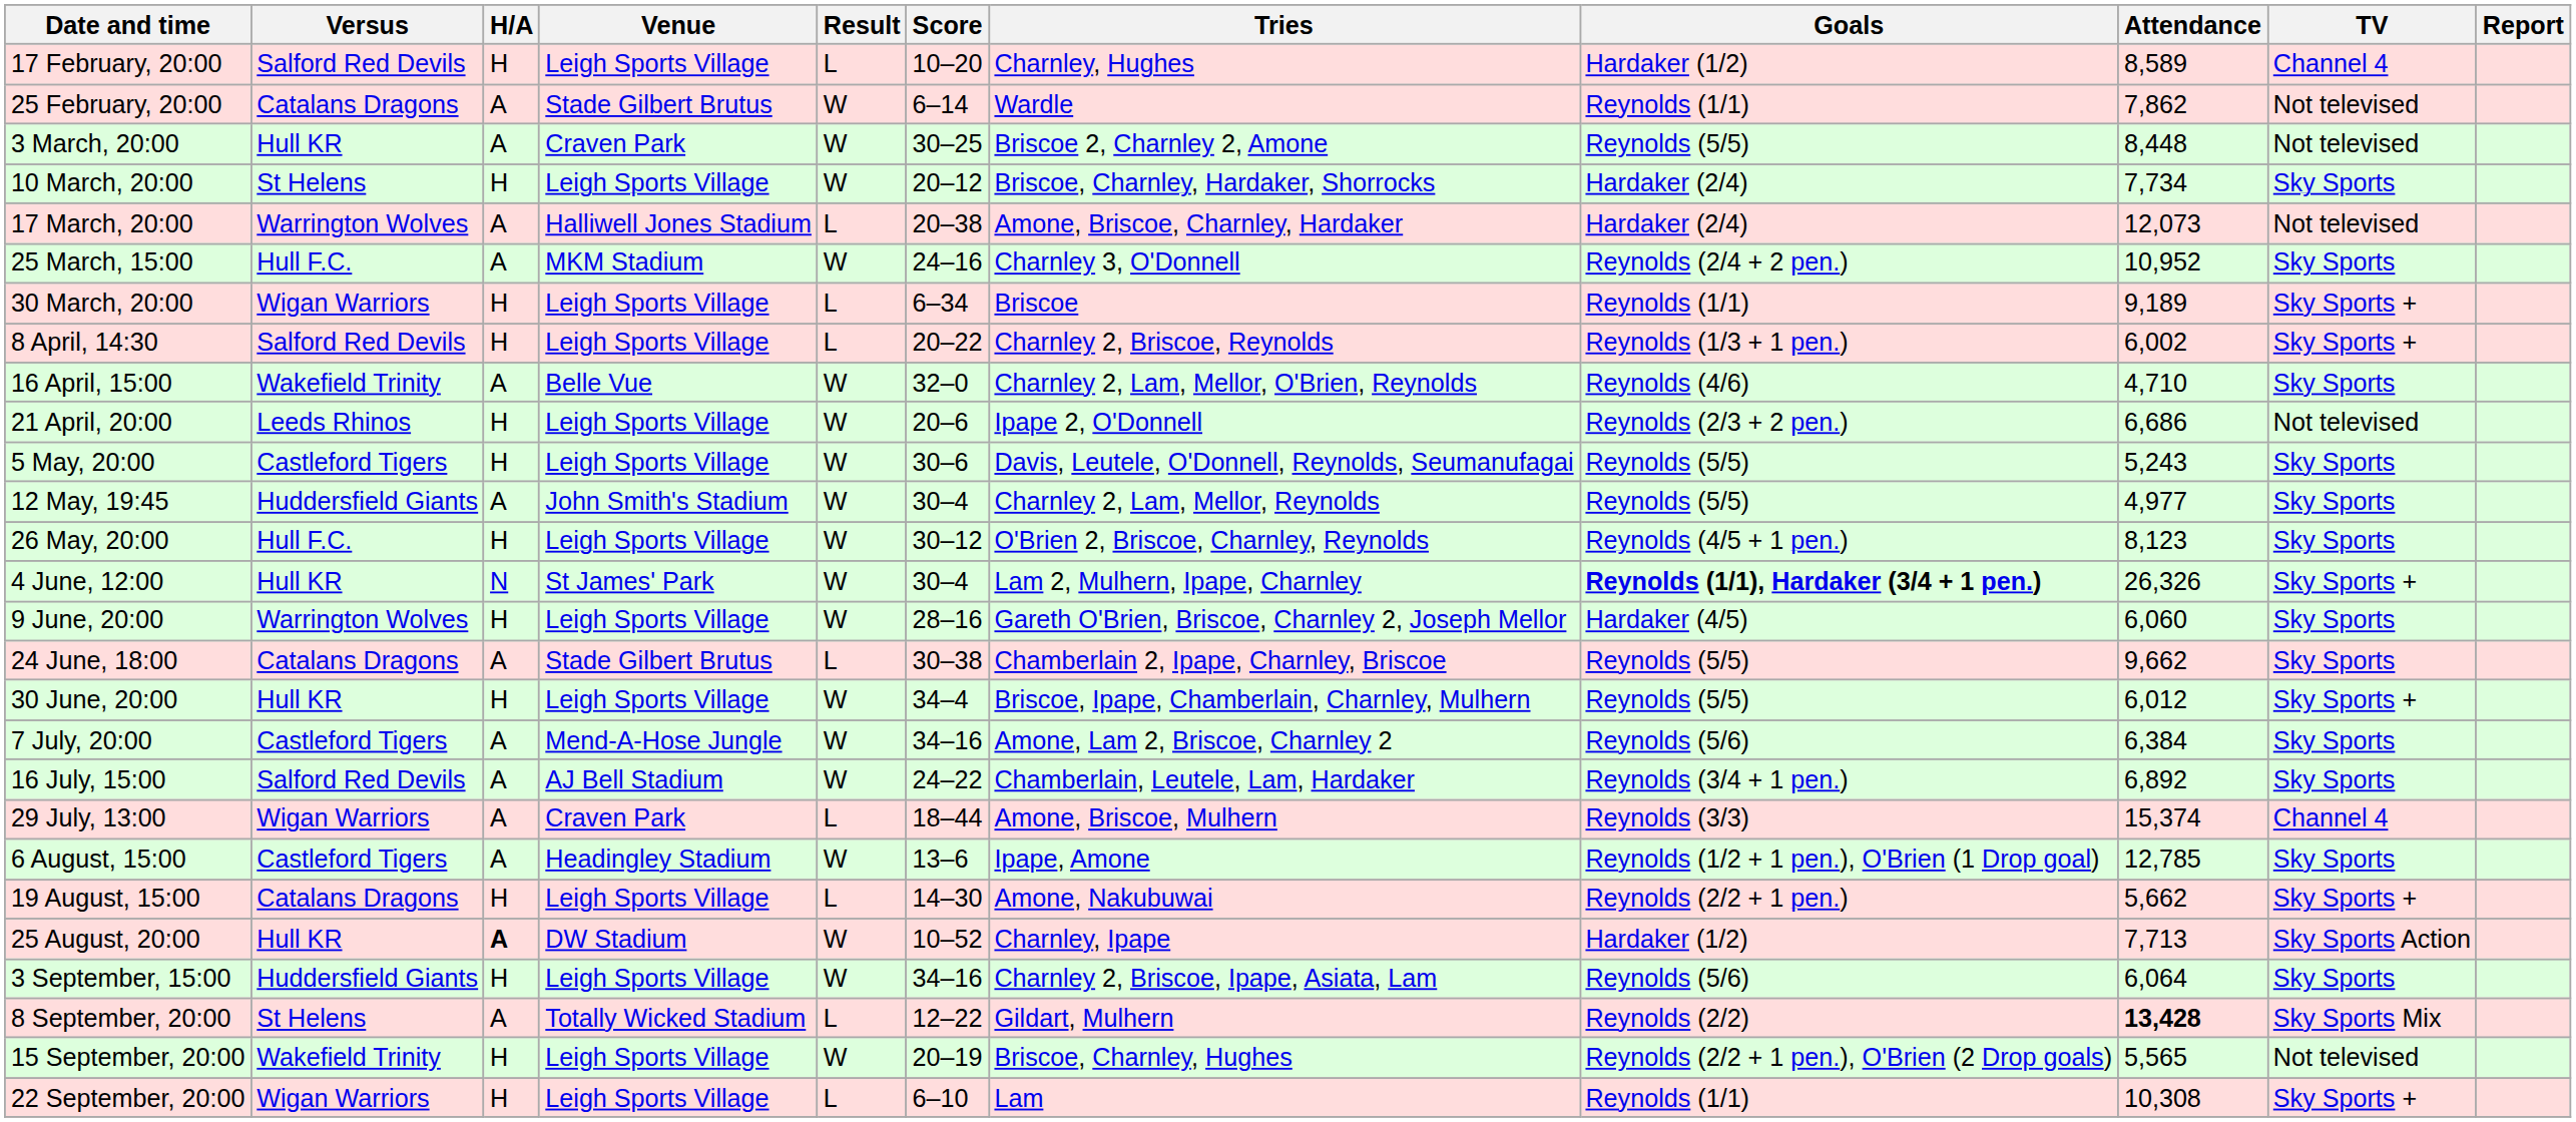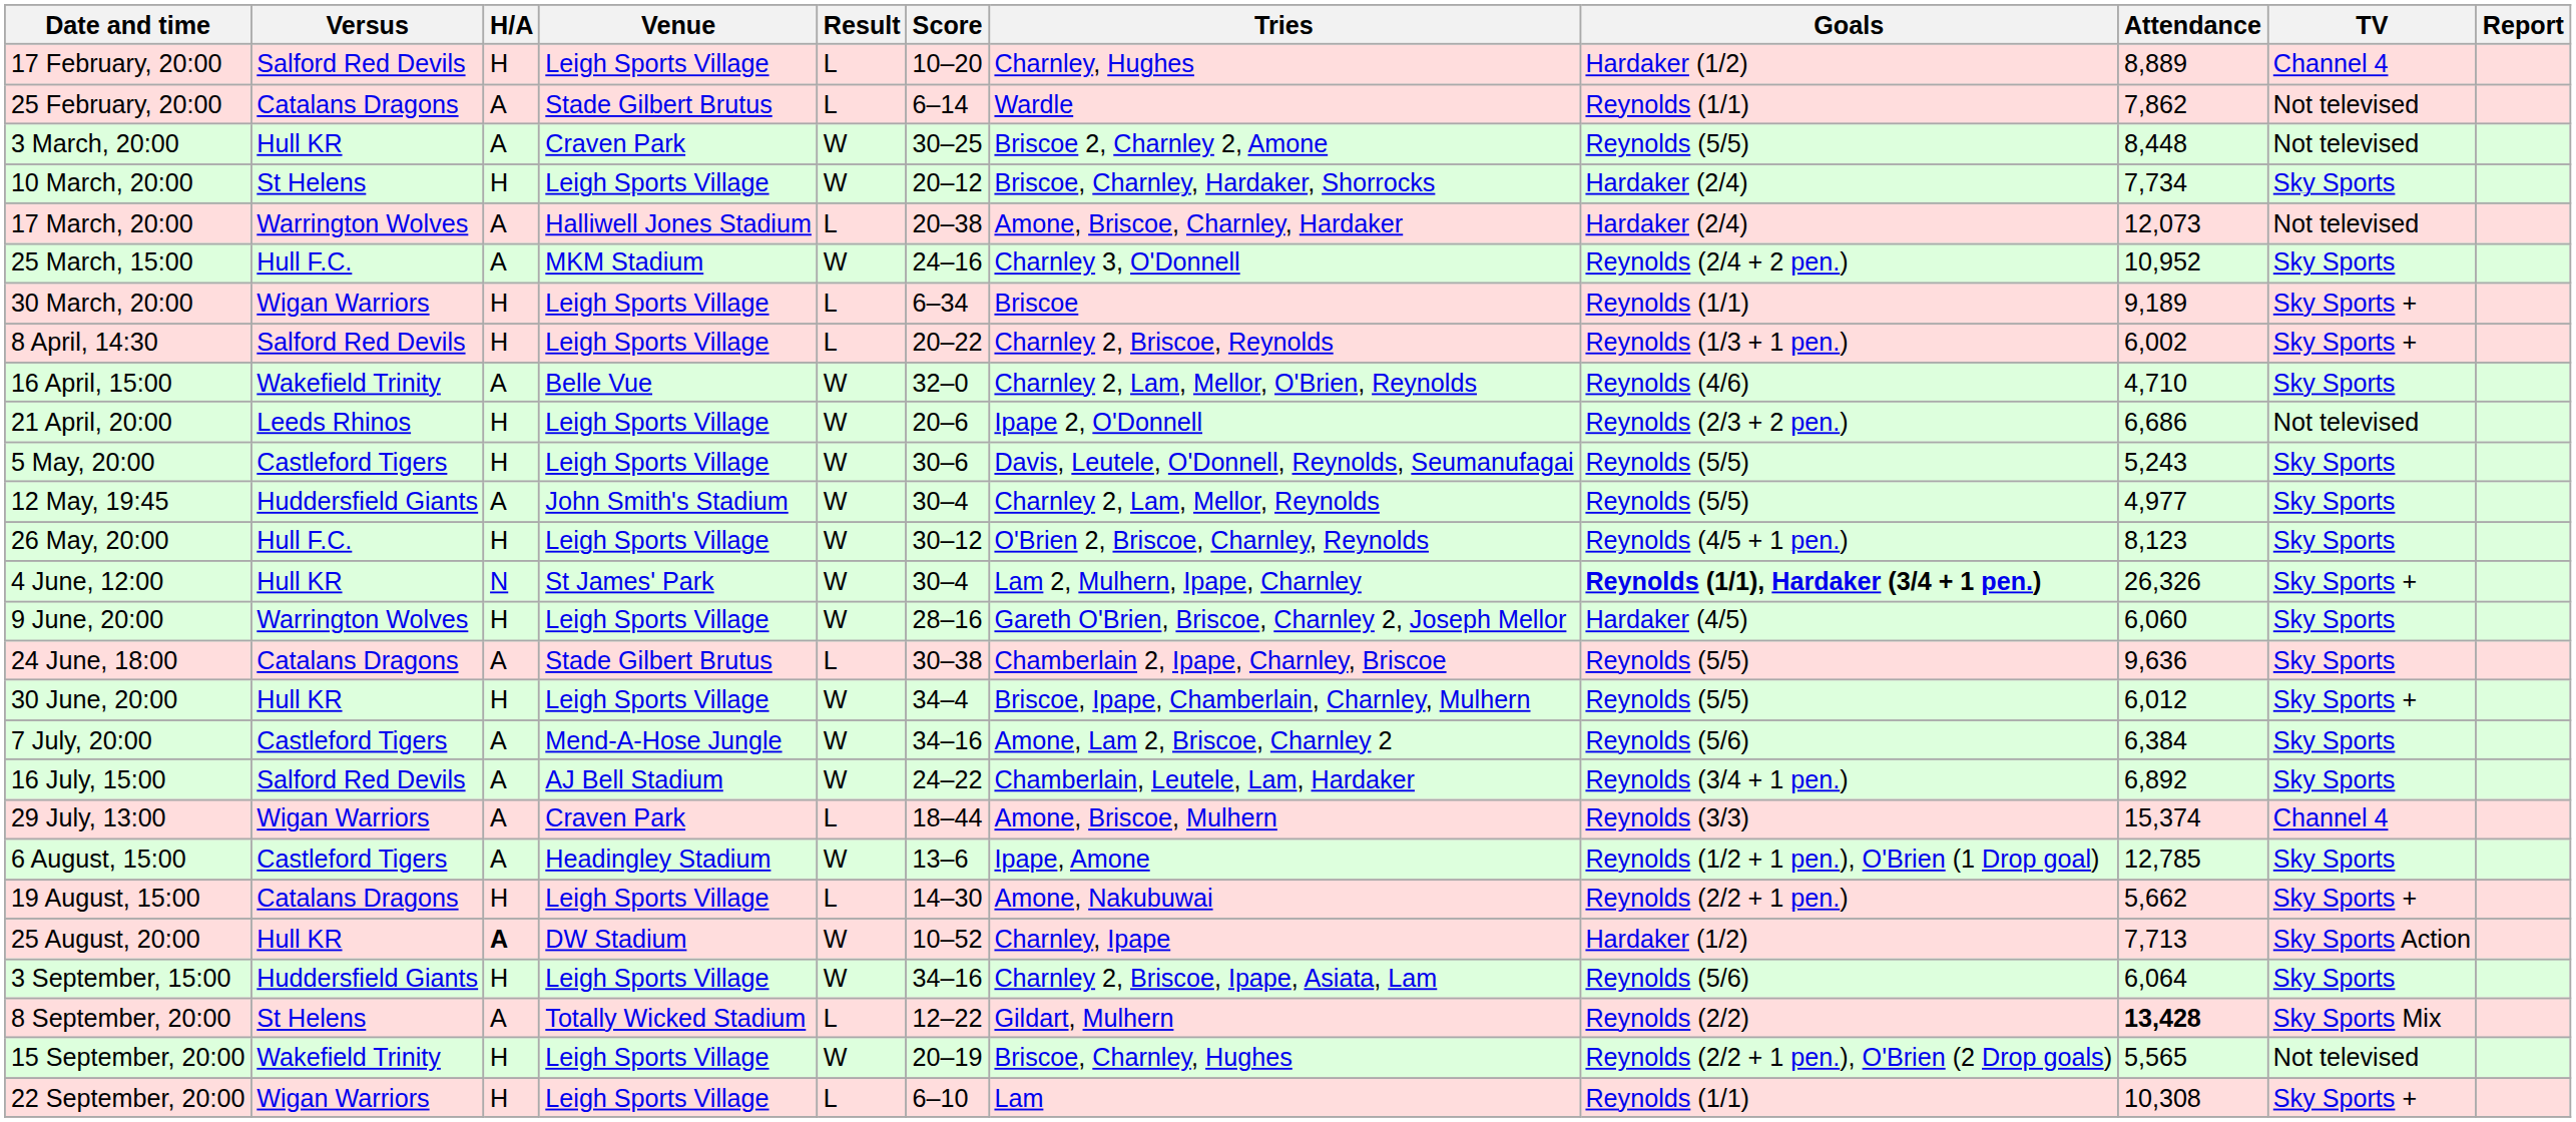 <table class="wikitable" style="font-size:85%;">
 <tr>
 <th>Date and time</th>
 <th>Versus</th>
 <th>H/A</th>
 <th>Venue</th>
 <th>Result</th>
 <th>Score</th>
 <th>Tries</th>
 <th>Goals</th>
 <th>Attendance</th>
 <th>TV</th>
 <th>Report</th>
 </tr>
 <tr style="background:#ffdddd;">
 <td>17 February, 20:00</td>
 <td> <a href='#'>Salford Red Devils</a></td>
 <td>H</td>
 <td><a href='#'>Leigh Sports Village</a></td>
 <td>L</td>
 <td>10–20</td>
 <td><a href='#'>Charnley</a>, <a href='#'>Hughes</a></td>
 <td><a href='#'>Hardaker</a> (1/2)</td>
-<td>8,589</td>
+<td>8,889</td>
 <td><a href='#'>Channel 4</a></td>
 <td></td>
 </tr>
 <tr style="background:#ffdddd;">
 <td>25 February, 20:00</td>
 <td> <a href='#'>Catalans Dragons</a></td>
 <td>A</td>
 <td><a href='#'>Stade Gilbert Brutus</a></td>
-<td>W</td>
+<td>L</td>
 <td>6–14</td>
 <td><a href='#'>Wardle</a></td>
 <td><a href='#'>Reynolds</a> (1/1)</td>
 <td>7,862</td>
 <td>Not televised</td>
 <td></td>
 </tr>
 <tr style="background:#ddffdd;">
 <td>3 March, 20:00</td>
 <td> <a href='#'>Hull KR</a></td>
 <td>A</td>
 <td><a href='#'>Craven Park</a></td>
 <td>W</td>
 <td>30–25</td>
 <td><a href='#'>Briscoe</a> 2, <a href='#'>Charnley</a> 2, <a href='#'>Amone</a></td>
 <td><a href='#'>Reynolds</a> (5/5)</td>
 <td>8,448</td>
 <td>Not televised</td>
 <td></td>
 </tr>
 <tr style="background:#ddffdd;">
 <td>10 March, 20:00</td>
 <td> <a href='#'>St Helens</a></td>
 <td>H</td>
 <td><a href='#'>Leigh Sports Village</a></td>
 <td>W</td>
 <td>20–12</td>
 <td><a href='#'>Briscoe</a>, <a href='#'>Charnley</a>, <a href='#'>Hardaker</a>, <a href='#'>Shorrocks</a></td>
 <td><a href='#'>Hardaker</a> (2/4)</td>
 <td>7,734</td>
 <td><a href='#'>Sky Sports</a></td>
 <td></td>
 </tr>
 <tr style="background:#ffdddd;">
 <td>17 March, 20:00</td>
 <td> <a href='#'>Warrington Wolves</a></td>
 <td>A</td>
 <td><a href='#'>Halliwell Jones Stadium</a></td>
 <td>L</td>
 <td>20–38</td>
 <td><a href='#'>Amone</a>, <a href='#'>Briscoe</a>, <a href='#'>Charnley</a>, <a href='#'>Hardaker</a></td>
 <td><a href='#'>Hardaker</a> (2/4)</td>
 <td>12,073</td>
 <td>Not televised</td>
 <td></td>
 </tr>
 <tr style="background:#ddffdd;">
 <td>25 March, 15:00</td>
 <td> <a href='#'>Hull F.C.</a></td>
 <td>A</td>
 <td><a href='#'>MKM Stadium</a></td>
 <td>W</td>
 <td>24–16</td>
 <td><a href='#'>Charnley</a> 3, <a href='#'>O'Donnell</a></td>
 <td><a href='#'>Reynolds</a> (2/4 + 2 <a href='#'>pen.</a>)</td>
 <td>10,952</td>
 <td><a href='#'>Sky Sports</a></td>
 <td></td>
 </tr>
 <tr style="background:#ffdddd;">
 <td>30 March, 20:00</td>
 <td> <a href='#'>Wigan Warriors</a></td>
 <td>H</td>
 <td><a href='#'>Leigh Sports Village</a></td>
 <td>L</td>
 <td>6–34</td>
 <td><a href='#'>Briscoe</a></td>
 <td><a href='#'>Reynolds</a> (1/1)</td>
 <td>9,189</td>
 <td><a href='#'>Sky Sports</a> +</td>
 <td></td>
 </tr>
 <tr style="background:#ffdddd;">
 <td>8 April, 14:30</td>
 <td> <a href='#'>Salford Red Devils</a></td>
 <td>H</td>
 <td><a href='#'>Leigh Sports Village</a></td>
 <td>L</td>
 <td>20–22</td>
 <td><a href='#'>Charnley</a> 2, <a href='#'>Briscoe</a>, <a href='#'>Reynolds</a></td>
 <td><a href='#'>Reynolds</a> (1/3 + 1 <a href='#'>pen.</a>)</td>
 <td>6,002</td>
 <td><a href='#'>Sky Sports</a> +</td>
 <td></td>
 </tr>
 <tr style="background:#ddffdd;">
 <td>16 April, 15:00</td>
 <td> <a href='#'>Wakefield Trinity</a></td>
 <td>A</td>
 <td><a href='#'>Belle Vue</a></td>
 <td>W</td>
 <td>32–0</td>
 <td><a href='#'>Charnley</a> 2, <a href='#'>Lam</a>, <a href='#'>Mellor</a>, <a href='#'>O'Brien</a>, <a href='#'>Reynolds</a></td>
 <td><a href='#'>Reynolds</a> (4/6)</td>
 <td>4,710</td>
 <td><a href='#'>Sky Sports</a></td>
 <td></td>
 </tr>
 <tr style="background:#ddffdd;">
 <td>21 April, 20:00</td>
 <td> <a href='#'>Leeds Rhinos</a></td>
 <td>H</td>
 <td><a href='#'>Leigh Sports Village</a></td>
 <td>W</td>
 <td>20–6</td>
 <td><a href='#'>Ipape</a> 2, <a href='#'>O'Donnell</a></td>
 <td><a href='#'>Reynolds</a> (2/3 + 2 <a href='#'>pen.</a>)</td>
 <td>6,686</td>
 <td>Not televised</td>
 <td></td>
 </tr>
 <tr style="background:#ddffdd;">
 <td>5 May, 20:00</td>
 <td> <a href='#'>Castleford Tigers</a></td>
 <td>H</td>
 <td><a href='#'>Leigh Sports Village</a></td>
 <td>W</td>
 <td>30–6</td>
 <td><a href='#'>Davis</a>, <a href='#'>Leutele</a>, <a href='#'>O'Donnell</a>, <a href='#'>Reynolds</a>, <a href='#'>Seumanufagai</a></td>
 <td><a href='#'>Reynolds</a> (5/5)</td>
 <td>5,243</td>
 <td><a href='#'>Sky Sports</a></td>
 <td></td>
 </tr>
 <tr style="background:#ddffdd;">
 <td>12 May, 19:45</td>
 <td> <a href='#'>Huddersfield Giants</a></td>
 <td>A</td>
 <td><a href='#'>John Smith's Stadium</a></td>
 <td>W</td>
 <td>30–4</td>
 <td><a href='#'>Charnley</a> 2, <a href='#'>Lam</a>, <a href='#'>Mellor</a>, <a href='#'>Reynolds</a></td>
 <td><a href='#'>Reynolds</a> (5/5)</td>
 <td>4,977</td>
 <td><a href='#'>Sky Sports</a></td>
 <td></td>
 </tr>
 <tr style="background:#ddffdd;">
 <td>26 May, 20:00</td>
 <td> <a href='#'>Hull F.C.</a></td>
 <td>H</td>
 <td><a href='#'>Leigh Sports Village</a></td>
 <td>W</td>
 <td>30–12</td>
 <td><a href='#'>O'Brien</a> 2, <a href='#'>Briscoe</a>, <a href='#'>Charnley</a>, <a href='#'>Reynolds</a></td>
 <td><a href='#'>Reynolds</a> (4/5 + 1 <a href='#'>pen.</a>)</td>
 <td>8,123</td>
 <td><a href='#'>Sky Sports</a></td>
 <td></td>
 </tr>
 <tr style="background:#ddffdd;">
 <td>4 June, 12:00</td>
 <td> <a href='#'>Hull KR</a></td>
 <td><a href='#'>N</a></td>
 <td><a href='#'>St James' Park</a></td>
 <td>W</td>
 <td>30–4</td>
 <td><a href='#'>Lam</a> 2, <a href='#'>Mulhern</a>, <a href='#'>Ipape</a>, <a href='#'>Charnley</a></td>
 <td><strong><a href='#'>Reynolds</a> (1/1), <a href='#'>Hardaker</a> (3/4 + 1 <a href='#'>pen.</a>)</strong></td>
 <td>26,326</td>
 <td><a href='#'>Sky Sports</a> +</td>
 <td></td>
 </tr>
 <tr style="background:#ddffdd;">
 <td>9 June, 20:00</td>
 <td> <a href='#'>Warrington Wolves</a></td>
 <td>H</td>
 <td><a href='#'>Leigh Sports Village</a></td>
 <td>W</td>
 <td>28–16</td>
 <td><a href='#'>Gareth O'Brien</a>, <a href='#'>Briscoe</a>, <a href='#'>Charnley</a> 2, <a href='#'>Joseph Mellor</a></td>
 <td><a href='#'>Hardaker</a> (4/5)</td>
 <td>6,060</td>
 <td><a href='#'>Sky Sports</a></td>
 <td></td>
 </tr>
 <tr style="background:#ffdddd;">
 <td>24 June, 18:00</td>
 <td> <a href='#'>Catalans Dragons</a></td>
 <td>A</td>
 <td><a href='#'>Stade Gilbert Brutus</a></td>
 <td>L</td>
 <td>30–38</td>
 <td><a href='#'>Chamberlain</a> 2, <a href='#'>Ipape</a>, <a href='#'>Charnley</a>, <a href='#'>Briscoe</a></td>
 <td><a href='#'>Reynolds</a> (5/5)</td>
-<td>9,662</td>
+<td>9,636</td>
 <td><a href='#'>Sky Sports</a></td>
 <td></td>
 </tr>
 <tr style="background:#ddffdd;">
 <td>30 June, 20:00</td>
 <td> <a href='#'>Hull KR</a></td>
 <td>H</td>
 <td><a href='#'>Leigh Sports Village</a></td>
 <td>W</td>
 <td>34–4</td>
 <td><a href='#'>Briscoe</a>, <a href='#'>Ipape</a>, <a href='#'>Chamberlain</a>, <a href='#'>Charnley</a>, <a href='#'>Mulhern</a></td>
 <td><a href='#'>Reynolds</a> (5/5)</td>
 <td>6,012</td>
 <td><a href='#'>Sky Sports</a> +</td>
 <td></td>
 </tr>
 <tr style="background:#ddffdd;">
 <td>7 July, 20:00</td>
 <td> <a href='#'>Castleford Tigers</a></td>
 <td>A</td>
 <td><a href='#'>Mend-A-Hose Jungle</a></td>
 <td>W</td>
 <td>34–16</td>
 <td><a href='#'>Amone</a>, <a href='#'>Lam</a> 2, <a href='#'>Briscoe</a>, <a href='#'>Charnley</a> 2</td>
 <td><a href='#'>Reynolds</a> (5/6)</td>
 <td>6,384</td>
 <td><a href='#'>Sky Sports</a></td>
 <td></td>
 </tr>
 <tr style="background:#ddffdd;">
 <td>16 July, 15:00</td>
 <td> <a href='#'>Salford Red Devils</a></td>
 <td>A</td>
 <td><a href='#'>AJ Bell Stadium</a></td>
 <td>W</td>
 <td>24–22</td>
 <td><a href='#'>Chamberlain</a>, <a href='#'>Leutele</a>, <a href='#'>Lam</a>, <a href='#'>Hardaker</a></td>
 <td><a href='#'>Reynolds</a> (3/4 + 1 <a href='#'>pen.</a>)</td>
 <td>6,892</td>
 <td><a href='#'>Sky Sports</a></td>
 <td></td>
 </tr>
 <tr style="background:#ffdddd;">
 <td>29 July, 13:00</td>
 <td> <a href='#'>Wigan Warriors</a></td>
 <td>A</td>
 <td><a href='#'>Craven Park</a></td>
 <td>L</td>
 <td>18–44</td>
 <td><a href='#'>Amone</a>, <a href='#'>Briscoe</a>, <a href='#'>Mulhern</a></td>
 <td><a href='#'>Reynolds</a> (3/3)</td>
 <td>15,374</td>
 <td><a href='#'>Channel 4</a></td>
 <td></td>
 </tr>
 <tr style="background:#ddffdd;">
 <td>6 August, 15:00</td>
 <td> <a href='#'>Castleford Tigers</a></td>
 <td>A</td>
 <td><a href='#'>Headingley Stadium</a></td>
 <td>W</td>
 <td>13–6</td>
 <td><a href='#'>Ipape</a>, <a href='#'>Amone</a></td>
 <td><a href='#'>Reynolds</a> (1/2 + 1 <a href='#'>pen.</a>), <a href='#'>O'Brien</a> (1 <a href='#'>Drop goal</a>)</td>
 <td>12,785</td>
 <td><a href='#'>Sky Sports</a></td>
 <td></td>
 </tr>
 <tr style="background:#ffdddd;">
 <td>19 August, 15:00</td>
 <td> <a href='#'>Catalans Dragons</a></td>
 <td>H</td>
 <td><a href='#'>Leigh Sports Village</a></td>
 <td>L</td>
 <td>14–30</td>
 <td><a href='#'>Amone</a>, <a href='#'>Nakubuwai</a></td>
 <td><a href='#'>Reynolds</a> (2/2 + 1 <a href='#'>pen.</a>)</td>
 <td>5,662</td>
 <td><a href='#'>Sky Sports</a> +</td>
 <td></td>
 </tr>
 <tr style="background:#ffdddd;">
 <td>25 August, 20:00</td>
 <td> <a href='#'>Hull KR</a></td>
 <td><strong>A</strong></td>
 <td><a href='#'>DW Stadium</a></td>
 <td>W</td>
 <td>10–52</td>
 <td><a href='#'>Charnley</a>, <a href='#'>Ipape</a></td>
 <td><a href='#'>Hardaker</a> (1/2)</td>
 <td>7,713</td>
 <td><a href='#'>Sky Sports</a> Action</td>
 <td></td>
 </tr>
 <tr style="background:#ddffdd;">
 <td>3 September, 15:00</td>
 <td> <a href='#'>Huddersfield Giants</a></td>
 <td>H</td>
 <td><a href='#'>Leigh Sports Village</a></td>
 <td>W</td>
 <td>34–16</td>
 <td><a href='#'>Charnley</a> 2, <a href='#'>Briscoe</a>, <a href='#'>Ipape</a>, <a href='#'>Asiata</a>, <a href='#'>Lam</a></td>
 <td><a href='#'>Reynolds</a> (5/6)</td>
 <td>6,064</td>
 <td><a href='#'>Sky Sports</a></td>
 <td></td>
 </tr>
 <tr style="background:#ffdddd;">
 <td>8 September, 20:00</td>
 <td> <a href='#'>St Helens</a></td>
 <td>A</td>
 <td><a href='#'>Totally Wicked Stadium</a></td>
 <td>L</td>
 <td>12–22</td>
 <td><a href='#'>Gildart</a>, <a href='#'>Mulhern</a></td>
 <td><a href='#'>Reynolds</a> (2/2)</td>
 <td><strong>13,428</strong></td>
 <td><a href='#'>Sky Sports</a> Mix</td>
 <td></td>
 </tr>
 <tr style="background:#ddffdd;">
 <td>15 September, 20:00</td>
 <td> <a href='#'>Wakefield Trinity</a></td>
 <td>H</td>
 <td><a href='#'>Leigh Sports Village</a></td>
 <td>W</td>
 <td>20–19</td>
 <td><a href='#'>Briscoe</a>, <a href='#'>Charnley</a>, <a href='#'>Hughes</a></td>
 <td><a href='#'>Reynolds</a> (2/2 + 1 <a href='#'>pen.</a>), <a href='#'>O'Brien</a> (2 <a href='#'>Drop goals</a>)</td>
 <td>5,565</td>
 <td>Not televised</td>
 <td></td>
 </tr>
 <tr style="background:#ffdddd;">
 <td>22 September, 20:00</td>
 <td> <a href='#'>Wigan Warriors</a></td>
 <td>H</td>
 <td><a href='#'>Leigh Sports Village</a></td>
 <td>L</td>
 <td>6–10</td>
 <td><a href='#'>Lam</a></td>
 <td><a href='#'>Reynolds</a> (1/1)</td>
 <td>10,308</td>
 <td><a href='#'>Sky Sports</a> +</td>
 <td></td>
 </tr>
 </table>
